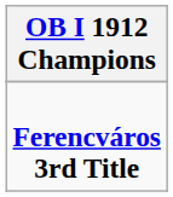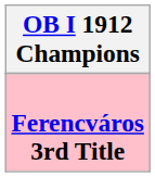 <table class="wikitable" style="text-align: center; margin: 0 auto;">
 <tr>
 <th><a href='#'>OB I</a> 1912<br>Champions</th>
 </tr>
 <tr>
 </tr>
 <tr>
-<td> <br><strong><a href='#'>Ferencváros</a></strong><br><strong>3rd Title</strong></td>
+<td style="background: pink;"> <br><strong><a href='#'>Ferencváros</a></strong><br><strong>3rd Title</strong></td>
 </tr>
 </table>
